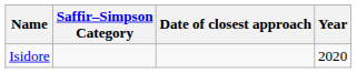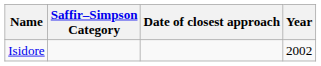 <table class = "wikitable" style="margin:1em auto;">
 <tr>
 <th>Name</th>
 <th><a href='#'>Saffir–Simpson</a><br>Category</th>
 <th>Date of closest approach</th>
 <th>Year</th>
 </tr>
 <tr>
 <td><a href='#'>Isidore</a></td>
 <td></td>
 <td></td>
-<td>2020</td>
+<td>2002</td>
 </tr>
 </table>
